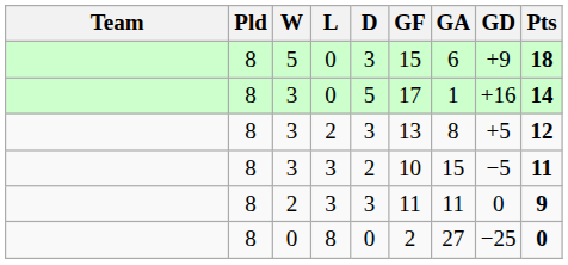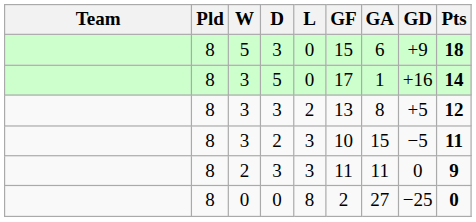 <table class="wikitable" style="text-align:center;">
 <tr>
 <th width="150">Team</th>
 <th width="20">Pld</th>
 <th width="20">W</th>
+<th width="20">D</th>
 <th width="20">L</th>
-<th width="20">D</th>
 <th width="20">GF</th>
 <th width="20">GA</th>
 <th width="20">GD</th>
 <th width="20">Pts</th>
 </tr>
 <tr bgcolor="#ccffcc">
 <td align="left"></td>
 <td>8</td>
 <td>5</td>
+<td>3</td>
 <td>0</td>
-<td>3</td>
 <td>15</td>
 <td>6</td>
 <td>+9</td>
 <td><strong>18</strong></td>
 </tr>
 <tr bgcolor="#ccffcc">
 <td align="left"></td>
 <td>8</td>
 <td>3</td>
+<td>5</td>
 <td>0</td>
-<td>5</td>
 <td>17</td>
 <td>1</td>
 <td>+16</td>
 <td><strong>14</strong></td>
 </tr>
 <tr>
 <td align="left"></td>
 <td>8</td>
 <td>3</td>
+<td>3</td>
 <td>2</td>
-<td>3</td>
 <td>13</td>
 <td>8</td>
 <td>+5</td>
 <td><strong>12</strong></td>
 </tr>
 <tr>
 <td align="left"></td>
 <td>8</td>
 <td>3</td>
+<td>2</td>
 <td>3</td>
-<td>2</td>
 <td>10</td>
 <td>15</td>
 <td>−5</td>
 <td><strong>11</strong></td>
 </tr>
 <tr>
 <td align="left"></td>
 <td>8</td>
 <td>2</td>
 <td>3</td>
 <td>3</td>
 <td>11</td>
 <td>11</td>
 <td>0</td>
 <td><strong>9</strong></td>
 </tr>
 <tr>
 <td align="left"></td>
 <td>8</td>
 <td>0</td>
+<td>0</td>
 <td>8</td>
-<td>0</td>
 <td>2</td>
 <td>27</td>
 <td>−25</td>
 <td><strong>0</strong></td>
 </tr>
 </table>
